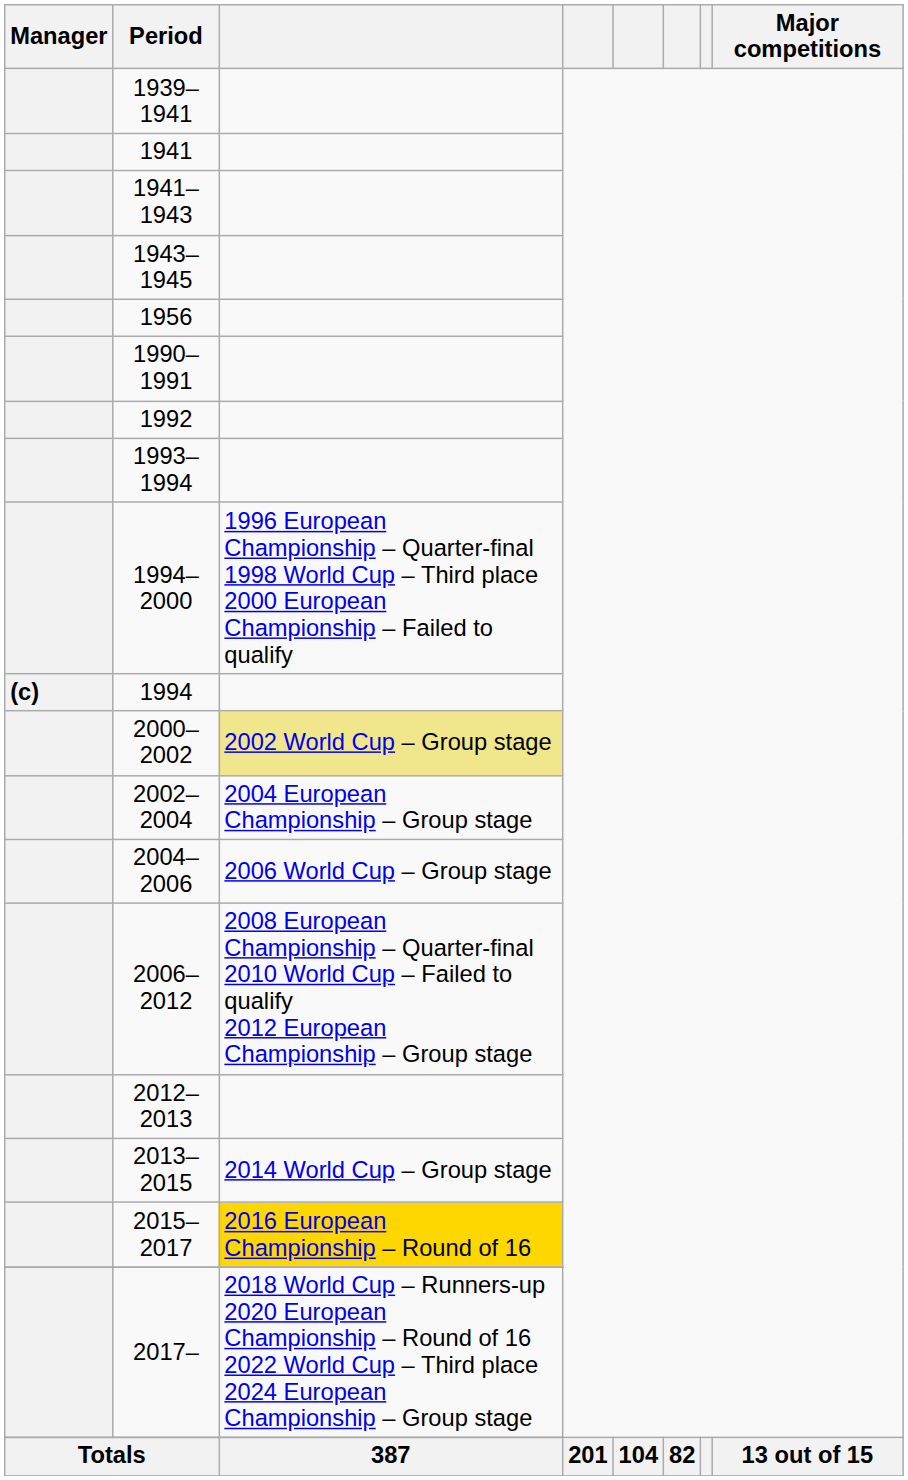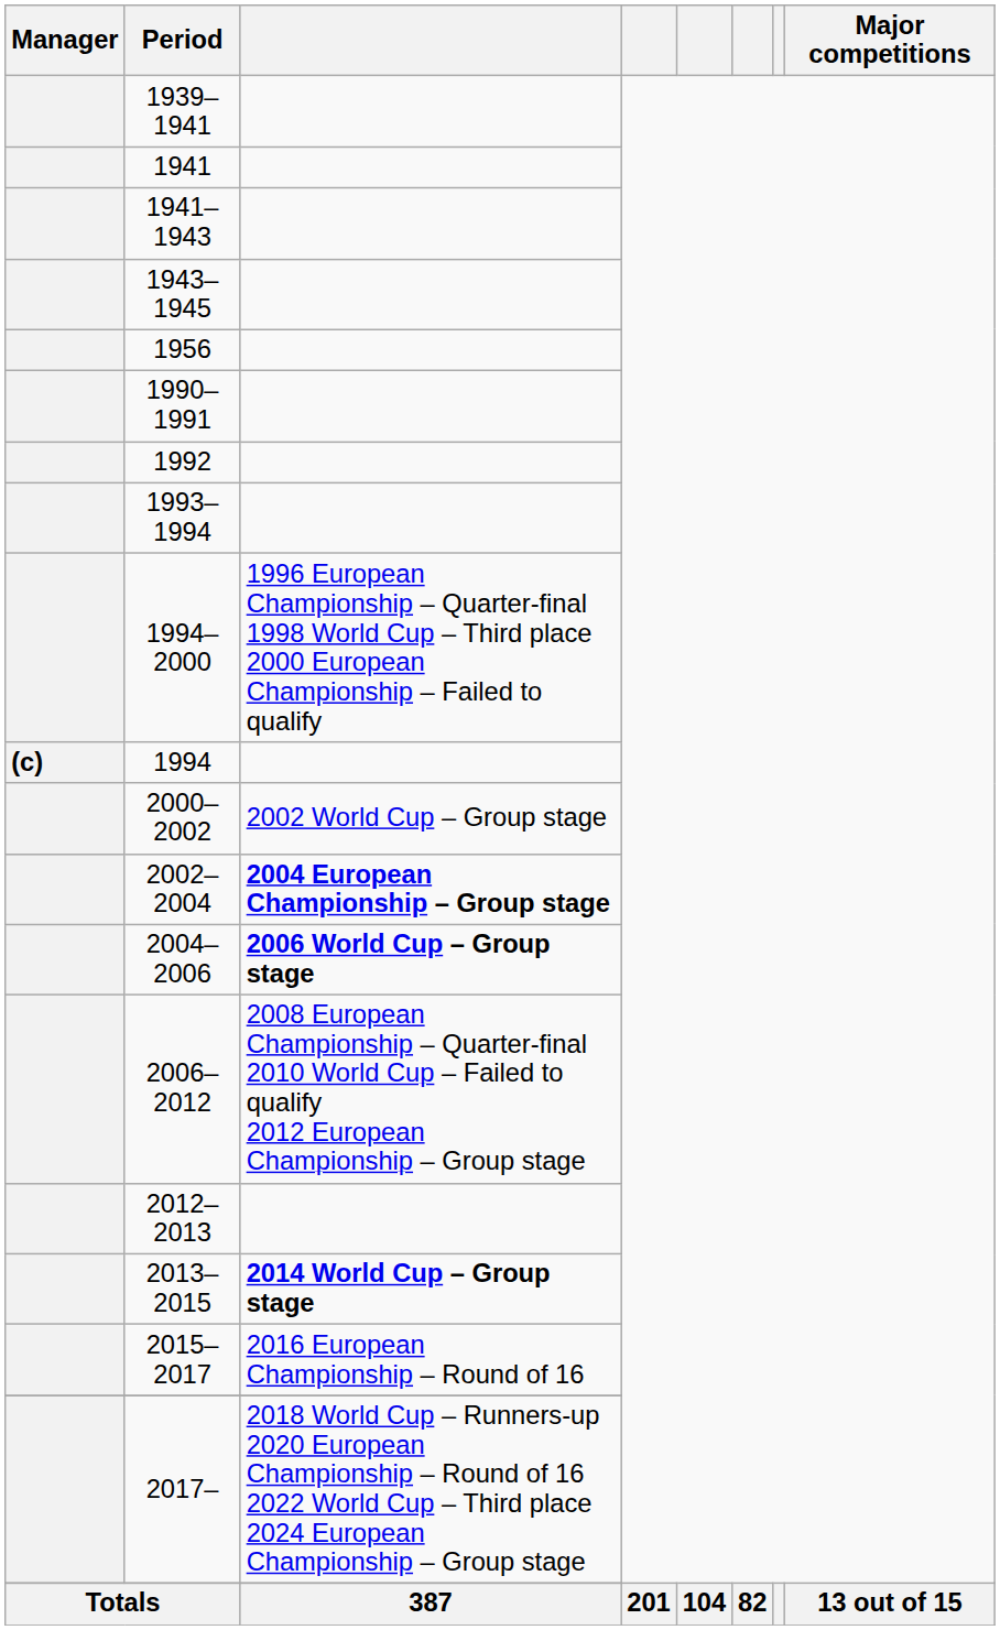 <table class="wikitable sortable plainrowheaders" cellpadding="3" style="text-align: center">
 <tr>
 <th scope="col">Manager</th>
 <th scope="col">Period</th>
 <th></th>
 <th></th>
 <th></th>
 <th></th>
 <th></th>
 <th scope="col">Major competitions</th>
 </tr>
 <tr>
 <th scope="row" style="text-align: left;"> </th>
 <td>1939–1941<br></td>
 <td></td>
 </tr>
 <tr>
 <th scope="row" style="text-align: left;"> </th>
 <td>1941<br></td>
 <td></td>
 </tr>
 <tr>
 <th scope="row" style="text-align: left;"> </th>
 <td>1941–1943<br></td>
 <td></td>
 </tr>
 <tr>
 <th scope="row" style="text-align: left;"> </th>
 <td>1943–1945<br></td>
 <td></td>
 </tr>
 <tr>
 <th scope="row" style="text-align: left;"> </th>
 <td>1956<br></td>
 <td></td>
 </tr>
 <tr>
 <th scope="row" style="text-align: left;"> </th>
 <td>1990–1991<br></td>
 <td></td>
 </tr>
 <tr>
 <th scope="row" style="text-align: left;"> </th>
 <td>1992<br></td>
 <td></td>
 </tr>
 <tr>
 <th scope="row" style="text-align: left;"> </th>
 <td>1993–1994<br></td>
 <td></td>
 </tr>
 <tr>
 <th scope="row" style="text-align: left;"> </th>
 <td>1994–2000<br></td>
 <td style="text-align: left;"> <a href='#'>1996 European Championship</a> – Quarter-final<br> <a href='#'>1998 World Cup</a> – Third place<br> <a href='#'>2000 European Championship</a> – Failed to qualify</td>
 </tr>
 <tr>
 <th scope="row" style="text-align: left;">  (c)</th>
 <td>1994<br></td>
 <td></td>
 </tr>
 <tr>
 <th scope="row" style="text-align: left;"> </th>
 <td>2000–2002<br></td>
-<td style="background: khaki; text-align: left;"> <a href='#'>2002 World Cup</a> – Group stage</td>
+<td style="text-align: left;"> <a href='#'>2002 World Cup</a> – Group stage</td>
 </tr>
 <tr>
 <th scope="row" style="text-align: left;"> </th>
 <td>2002–2004<br></td>
-<td style="text-align: left;"> <a href='#'>2004 European Championship</a> – Group stage</td>
+<td style="text-align: left;"><strong> <a href='#'>2004 European Championship</a> – Group stage</strong></td>
 </tr>
 <tr>
 <th scope="row" style="text-align: left;"> </th>
 <td>2004–2006<br></td>
-<td style="text-align: left;"> <a href='#'>2006 World Cup</a> – Group stage</td>
+<td style="text-align: left;"><strong> <a href='#'>2006 World Cup</a> – Group stage</strong></td>
 </tr>
 <tr>
 <th scope="row" style="text-align: left;"> </th>
 <td>2006–2012<br></td>
 <td style="text-align: left;"> <a href='#'>2008 European Championship</a> – Quarter-final<br> <a href='#'>2010 World Cup</a> – Failed to qualify<br> <a href='#'>2012 European Championship</a> – Group stage</td>
 </tr>
 <tr>
 <th scope="row" style="text-align: left;"> </th>
 <td>2012–2013<br></td>
 <td></td>
 </tr>
 <tr>
 <th scope="row" style="text-align: left;"> </th>
 <td>2013–2015<br></td>
-<td style="text-align: left;"> <a href='#'>2014 World Cup</a> – Group stage</td>
+<td style="text-align: left;"><strong> <a href='#'>2014 World Cup</a> – Group stage</strong></td>
 </tr>
 <tr>
 <th scope="row" style="text-align: left;"> </th>
 <td>2015–2017<br></td>
-<td style="background: gold; text-align: left;"> <a href='#'>2016 European Championship</a> – Round of 16</td>
+<td style="text-align: left;"> <a href='#'>2016 European Championship</a> – Round of 16</td>
 </tr>
 <tr>
 </tr>
 <tr>
 <th scope="row" style="text-align: left;"> </th>
 <td>2017–<br></td>
 <td style="text-align: left;"> <a href='#'>2018 World Cup</a> – Runners-up<br> <a href='#'>2020 European Championship</a> – Round of 16<br> <a href='#'>2022 World Cup</a> – Third place<br> <a href='#'>2024 European Championship</a> – Group stage</td>
 </tr>
 <tr>
 </tr>
 <tr>
 <th colspan="2">Totals</th>
 <th>387</th>
 <th>201</th>
 <th>104</th>
 <th>82</th>
 <th></th>
 <th>13 out of 15</th>
 </tr>
 </table>
